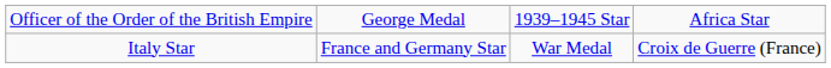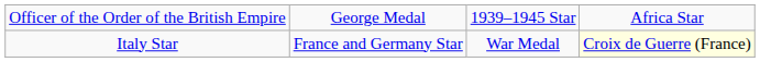 <table class="wikitable" style="margin:1em auto; text-align:center;">
 <tr>
 <td><a href='#'>Officer of the Order of the British Empire</a></td>
 <td><a href='#'>George Medal</a></td>
 <td><a href='#'>1939–1945 Star</a></td>
 <td><a href='#'>Africa Star</a></td>
 </tr>
 <tr>
 <td><a href='#'>Italy Star</a></td>
 <td><a href='#'>France and Germany Star</a></td>
 <td><a href='#'>War Medal</a></td>
-<td><a href='#'>Croix de Guerre</a> (France)</td>
+<td style="background: lightyellow;"><a href='#'>Croix de Guerre</a> (France)</td>
 </tr>
 </table>
